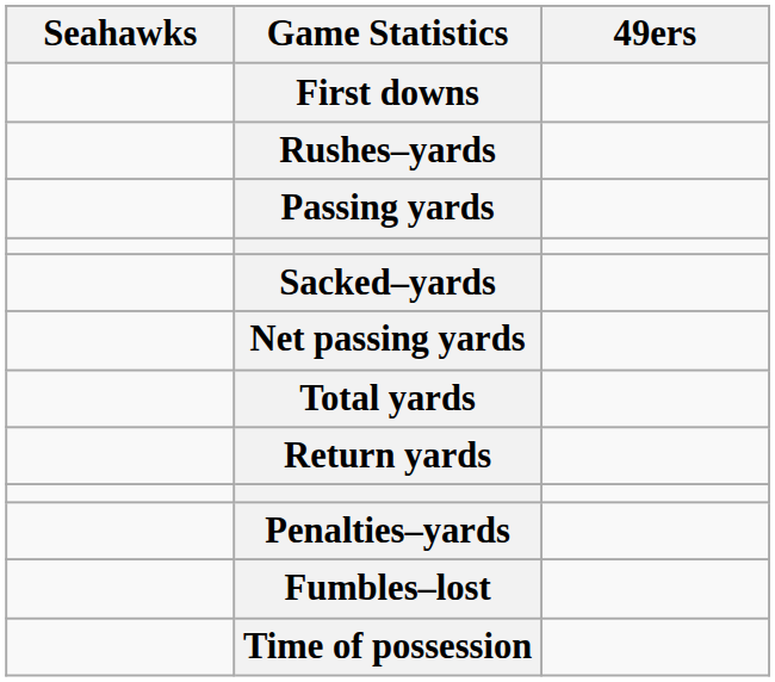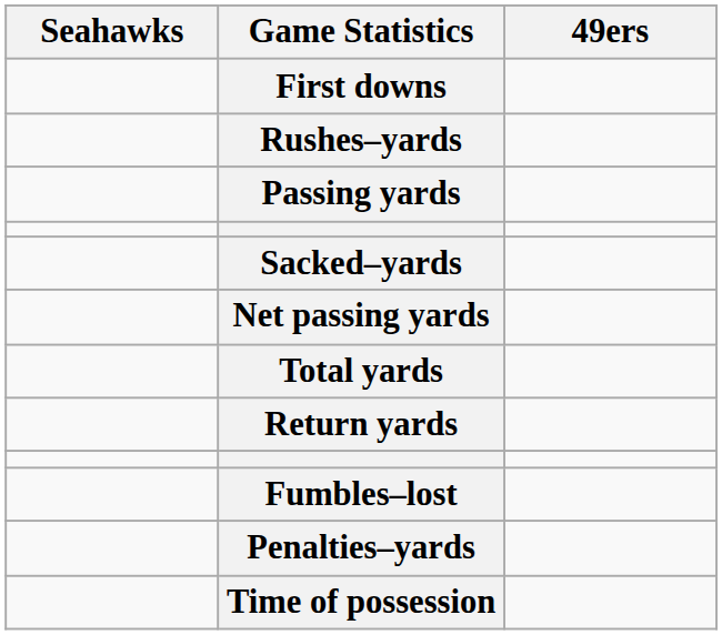 <table class="wikitable" style="margin: 1em auto 1em auto">
 <tr>
 <th style="width:30%;">Seahawks</th>
 <th style="width:40%;">Game Statistics</th>
 <th style="width:30%;">49ers</th>
 </tr>
 <tr>
 <td style="text-align:right;"></td>
 <th>First downs</th>
 <td></td>
 </tr>
 <tr>
 <td style="text-align:right;"></td>
 <th>Rushes–yards</th>
 <td></td>
 </tr>
 <tr>
 <td style="text-align:right;"></td>
 <th>Passing yards</th>
 <td></td>
 </tr>
 <tr>
 <td style="text-align:right;"></td>
 <th></th>
 <td></td>
 </tr>
 <tr>
 <td style="text-align:right;"></td>
 <th>Sacked–yards</th>
 <td></td>
 </tr>
 <tr>
 <td style="text-align:right;"></td>
 <th>Net passing yards</th>
 <td></td>
 </tr>
 <tr>
 <td style="text-align:right;"></td>
 <th>Total yards</th>
 <td></td>
 </tr>
 <tr>
 <td style="text-align:right;"></td>
 <th>Return yards</th>
 <td></td>
 </tr>
 <tr>
 <td style="text-align:right;"></td>
 <th></th>
 <td></td>
 </tr>
 <tr>
 <td style="text-align:right;"></td>
-<th>Penalties–yards</th>
+<th>Fumbles–lost</th>
 <td></td>
 </tr>
 <tr>
 <td style="text-align:right;"></td>
-<th>Fumbles–lost</th>
+<th>Penalties–yards</th>
 <td></td>
 </tr>
 <tr>
 <td style="text-align:right;"></td>
 <th>Time of possession</th>
 <td></td>
 </tr>
 </table>
